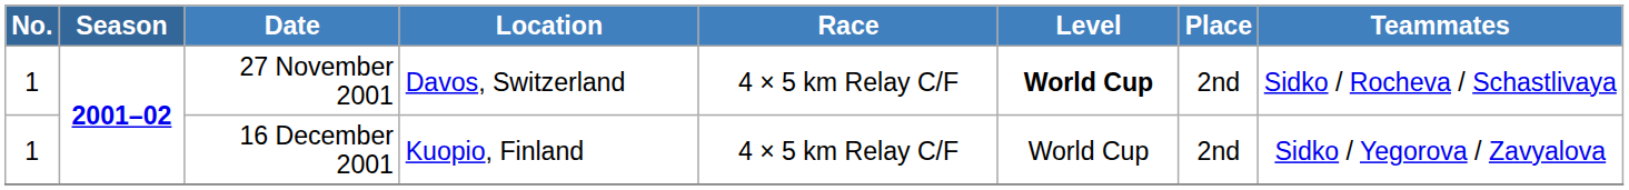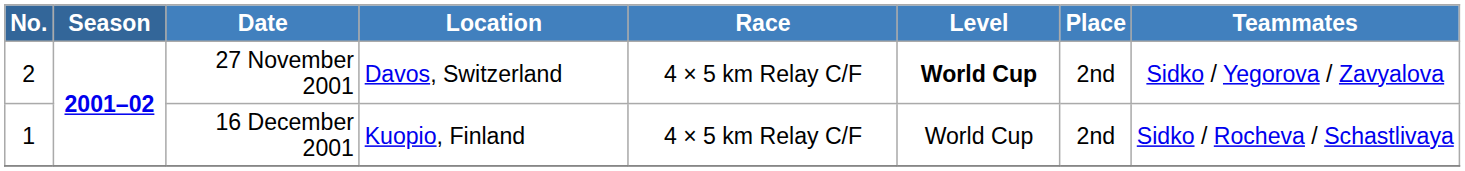 <table class="wikitable sortable" style="font-size:95%; text-align:center; border:grey solid 1px; border-collapse:collapse; background:#ffffff;">
 <tr style="background:#efefef;">
 <th style="background-color:#369; color:white;">No.</th>
 <th style="background-color:#369; color:white;">Season</th>
 <th style="background-color:#4180be; color:white; width:120px;">Date</th>
 <th style="background-color:#4180be; color:white; width:170px;">Location</th>
 <th style="background-color:#4180be; color:white; width:170px;">Race</th>
 <th style="background-color:#4180be; color:white; width:100px;">Level</th>
 <th style="background-color:#4180be; color:white;">Place</th>
 <th style="background-color:#4180be; color:white;">Teammates</th>
 </tr>
 <tr>
-<td align=center>1</td>
+<td align=center>2</td>
 <td rowspan=2 align=center><strong> <a href='#'>2001–02</a> </strong></td>
 <td align=right>27 November 2001</td>
 <td align=left> <a href='#'>Davos</a>, Switzerland</td>
 <td>4 × 5 km Relay C/F</td>
 <td><strong>World Cup</strong></td>
 <td>2nd</td>
-<td><a href='#'>Sidko</a> / <a href='#'>Rocheva</a> / <a href='#'>Schastlivaya</a></td>
+<td><a href='#'>Sidko</a> / <a href='#'>Yegorova</a> / <a href='#'>Zavyalova</a></td>
 </tr>
 <tr>
 <td align=center>1</td>
 <td align=right>16 December 2001</td>
 <td align=left> <a href='#'>Kuopio</a>, Finland</td>
 <td>4 × 5 km Relay C/F</td>
 <td>World Cup</td>
 <td>2nd</td>
-<td><a href='#'>Sidko</a> / <a href='#'>Yegorova</a> / <a href='#'>Zavyalova</a></td>
+<td><a href='#'>Sidko</a> / <a href='#'>Rocheva</a> / <a href='#'>Schastlivaya</a></td>
 </tr>
 <tr>
 </tr>
 </table>
